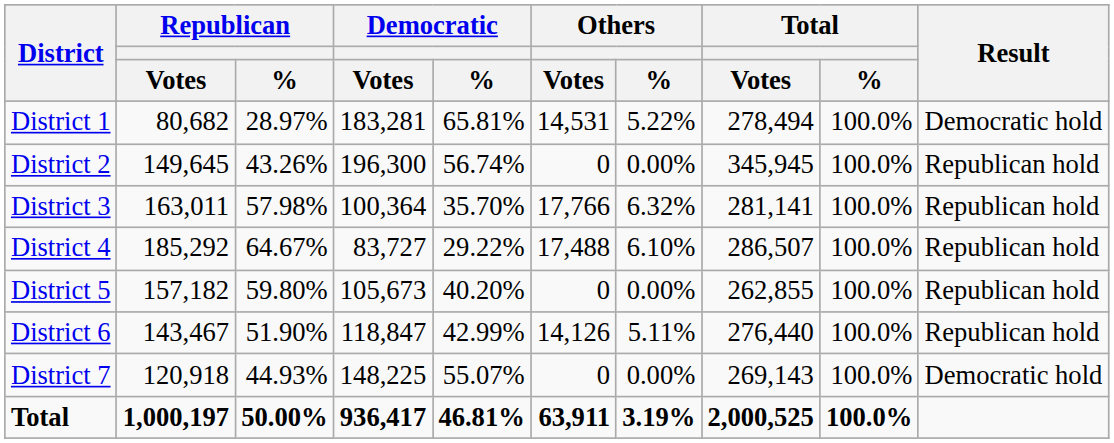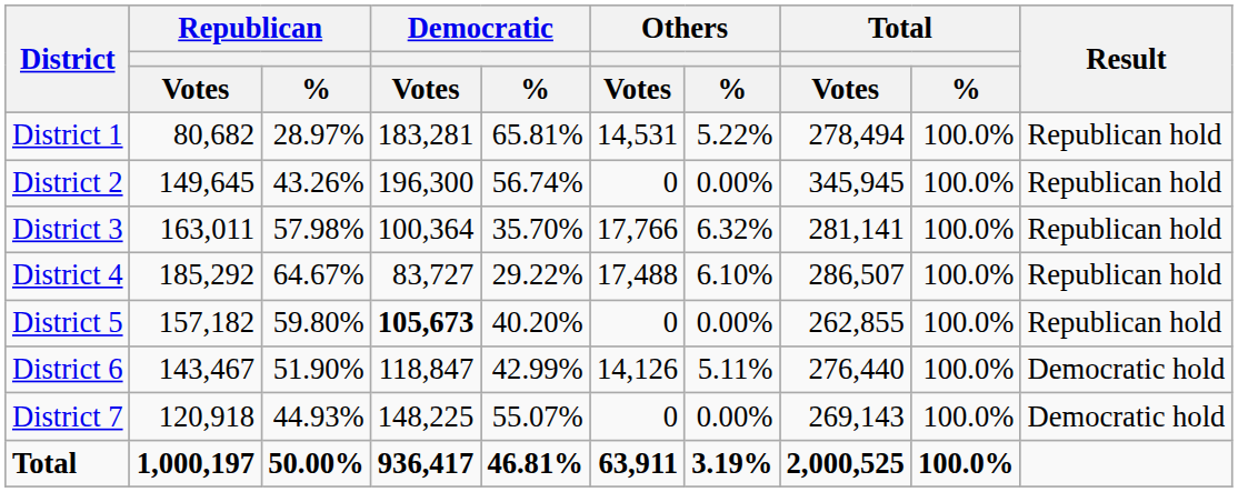 <table class="wikitable plainrowheaders sortable" style="font-size:100%; text-align:right;">
 <tr>
 <th scope=col rowspan=3><a href='#'>District</a></th>
 <th scope=col colspan=2><a href='#'>Republican</a></th>
 <th scope=col colspan=2><a href='#'>Democratic</a></th>
 <th scope=col colspan=2>Others</th>
 <th scope=col colspan=2>Total</th>
 <th scope=col rowspan=3>Result</th>
 </tr>
 <tr>
 <th scope=col colspan=2 style="background:"></th>
 <th scope=col colspan=2 style="background:"></th>
 <th scope=col colspan=2></th>
 <th scope=col colspan=2></th>
 </tr>
 <tr>
 <th scope=col data-sort-type="number">Votes</th>
 <th scope=col data-sort-type="number">%</th>
 <th scope=col data-sort-type="number">Votes</th>
 <th scope=col data-sort-type="number">%</th>
 <th scope=col data-sort-type="number">Votes</th>
 <th scope=col data-sort-type="number">%</th>
 <th scope=col data-sort-type="number">Votes</th>
 <th scope=col data-sort-type="number">%</th>
 </tr>
 <tr>
 <td align=left><a href='#'>District 1</a></td>
 <td>80,682</td>
 <td>28.97%</td>
 <td>183,281</td>
 <td>65.81%</td>
 <td>14,531</td>
 <td>5.22%</td>
 <td>278,494</td>
 <td>100.0%</td>
-<td align=left>Democratic hold</td>
+<td align=left>Republican hold</td>
 </tr>
 <tr>
 <td align=left><a href='#'>District 2</a></td>
 <td>149,645</td>
 <td>43.26%</td>
 <td>196,300</td>
 <td>56.74%</td>
 <td>0</td>
 <td>0.00%</td>
 <td>345,945</td>
 <td>100.0%</td>
 <td align=left>Republican hold</td>
 </tr>
 <tr>
 <td align=left><a href='#'>District 3</a></td>
 <td>163,011</td>
 <td>57.98%</td>
 <td>100,364</td>
 <td>35.70%</td>
 <td>17,766</td>
 <td>6.32%</td>
 <td>281,141</td>
 <td>100.0%</td>
 <td align=left>Republican hold</td>
 </tr>
 <tr>
 <td align=left><a href='#'>District 4</a></td>
 <td>185,292</td>
 <td>64.67%</td>
 <td>83,727</td>
 <td>29.22%</td>
 <td>17,488</td>
 <td>6.10%</td>
 <td>286,507</td>
 <td>100.0%</td>
 <td align=left>Republican hold</td>
 </tr>
 <tr>
 <td align=left><a href='#'>District 5</a></td>
 <td>157,182</td>
 <td>59.80%</td>
-<td>105,673</td>
+<td><strong>105,673</strong></td>
 <td>40.20%</td>
 <td>0</td>
 <td>0.00%</td>
 <td>262,855</td>
 <td>100.0%</td>
 <td align=left>Republican hold</td>
 </tr>
 <tr>
 <td align=left><a href='#'>District 6</a></td>
 <td>143,467</td>
 <td>51.90%</td>
 <td>118,847</td>
 <td>42.99%</td>
 <td>14,126</td>
 <td>5.11%</td>
 <td>276,440</td>
 <td>100.0%</td>
-<td align=left>Republican hold</td>
+<td align=left>Democratic hold</td>
 </tr>
 <tr>
 <td align=left><a href='#'>District 7</a></td>
 <td>120,918</td>
 <td>44.93%</td>
 <td>148,225</td>
 <td>55.07%</td>
 <td>0</td>
 <td>0.00%</td>
 <td>269,143</td>
 <td>100.0%</td>
 <td align=left>Democratic hold</td>
 </tr>
 <tr class="sortbottom" style="font-weight:bold">
 <td align=left>Total</td>
 <td>1,000,197</td>
 <td>50.00%</td>
 <td>936,417</td>
 <td>46.81%</td>
 <td>63,911</td>
 <td>3.19%</td>
 <td>2,000,525</td>
 <td>100.0%</td>
 <td></td>
 </tr>
 </table>
